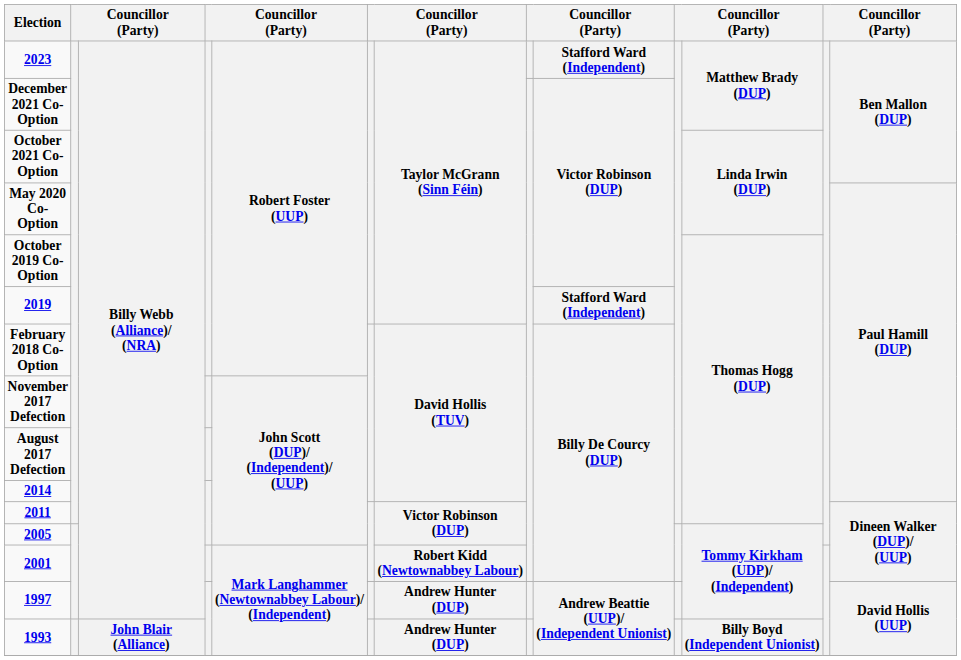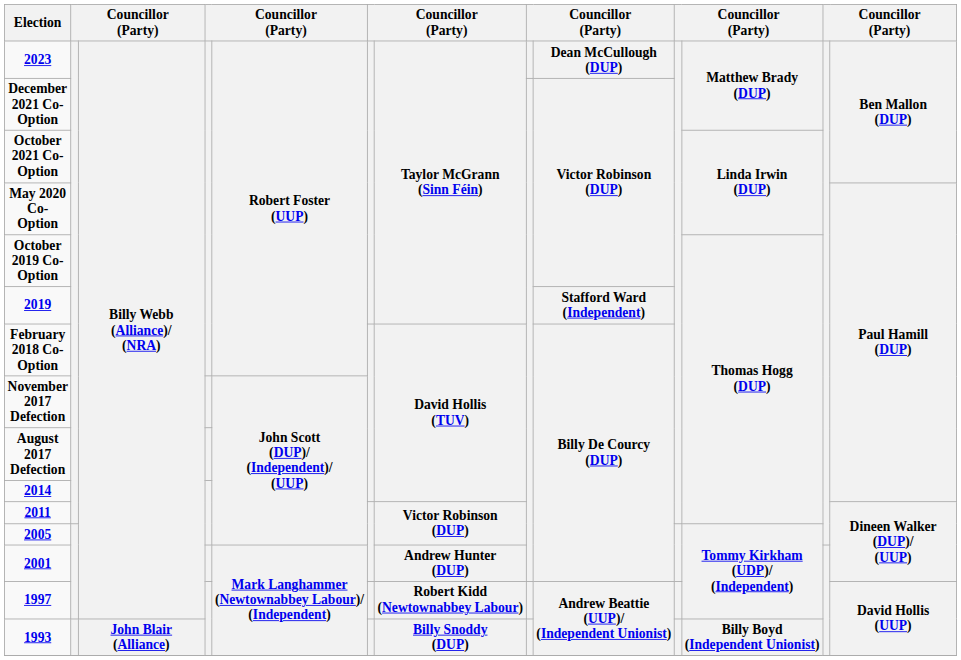 <table class="wikitable" style="text-align:center">
 <tr>
 <th scope="col" width="50">Election</th>
 <th scope="col" width="150" colspan = "2">Councillor<br> (Party)</th>
 <th scope="col" width="150" colspan = "2">Councillor<br> (Party)</th>
 <th scope="col" width="150" colspan = "2">Councillor<br> (Party)</th>
 <th scope="col" width="150" colspan = "2">Councillor<br> (Party)</th>
 <th scope="col" width="150" colspan = "2">Councillor<br> (Party)</th>
 <th scope="col" width="150" colspan = "2">Councillor<br> (Party)</th>
 </tr>
 <tr>
 <td><strong><a href='#'>2023</a></strong></td>
 <th rowspan="11" width="1" style="background-color: "></th>
 <th rowspan = "14">Billy Webb <br> (<a href='#'>Alliance</a>)/ <br> (<a href='#'>NRA</a>)</th>
 <th rowspan="7" width="1" style="background-color: "></th>
 <th rowspan = "7">Robert Foster <br> (<a href='#'>UUP</a>)</th>
 <th rowspan="6" width="1" style="background-color: "></th>
 <th rowspan = "6">Taylor McGrann <br> (<a href='#'>Sinn Féin</a>)</th>
 <th rowspan="1" width="1" style="background-color: "></th>
-<th rowspan = "1">Stafford Ward <br> (<a href='#'>Independent</a>)</th>
+<th rowspan = "1">Dean McCullough <br> (<a href='#'>DUP</a>)</th>
 <th rowspan="11" width="1" style="background-color: "></th>
 <th rowspan = "2">Matthew Brady <br> (<a href='#'>DUP</a>)</th>
 <th rowspan="12" width="1" style="background-color: "></th>
 <th rowspan = "3">Ben Mallon <br> (<a href='#'>DUP</a>)</th>
 </tr>
 <tr>
 <td><strong>December 2021 Co-Option</strong></td>
 <th rowspan="12" width="1" style="background-color: "></th>
 <th rowspan = "4">Victor Robinson <br> (<a href='#'>DUP</a>)</th>
 </tr>
 <tr>
 <td><strong>October 2021 Co-Option</strong></td>
 <th rowspan = "2">Linda Irwin <br> (<a href='#'>DUP</a>)</th>
 </tr>
 <tr>
 <td><strong>May 2020 Co-Option</strong></td>
 <th rowspan = "7">Paul Hamill <br> (<a href='#'>DUP</a>)</th>
 </tr>
 <tr>
 <td><strong>October 2019 Co-Option</strong></td>
 <th rowspan = "7">Thomas Hogg <br> (<a href='#'>DUP</a>)</th>
 </tr>
 <tr>
 <td><strong><a href='#'>2019</a></strong></td>
 <th rowspan = "1">Stafford Ward <br> (<a href='#'>Independent</a>)</th>
 </tr>
 <tr>
 <td><strong>February 2018 Co-Option</strong></td>
 <th rowspan="4" width="1" style="background-color: "></th>
 <th rowspan = "4">David Hollis <br> (<a href='#'>TUV</a>)</th>
 <th rowspan = "7">Billy De Courcy <br> (<a href='#'>DUP</a>)</th>
 </tr>
 <tr>
 <td><strong>November 2017 Defection</strong></td>
 <th rowspan="1" width="1" style="background-color: "></th>
 <th rowspan = "5">John Scott <br> (<a href='#'>DUP</a>)/ <br> (<a href='#'>Independent</a>)/ <br> (<a href='#'>UUP</a>)</th>
 </tr>
 <tr>
 <td><strong>August 2017 Defection</strong></td>
 <th rowspan="1" width="1" style="background-color: "></th>
 </tr>
 <tr>
 <td><strong><a href='#'>2014</a></strong></td>
 <th rowspan="3" width="1" style="background-color: "></th>
 </tr>
 <tr>
 <td><strong><a href='#'>2011</a></strong></td>
 <th rowspan="3" width="1" style="background-color: "></th>
 <th rowspan = "2">Victor Robinson <br> (<a href='#'>DUP</a>)</th>
 <th rowspan = "3">Dineen Walker <br> (<a href='#'>DUP</a>)/ <br> (<a href='#'>UUP</a>)</th>
 </tr>
 <tr>
 <td><strong><a href='#'>2005</a></strong></td>
 <th rowspan="3" width="1" style="background-color: "></th>
 <th rowspan="2" width="1" style="background-color: "></th>
 <th rowspan = "3"><a href='#'>Tommy Kirkham</a> <br> (<a href='#'>UDP</a>)/ <br> (<a href='#'>Independent</a>)</th>
 </tr>
 <tr>
 <td><strong><a href='#'>2001</a></strong></td>
 <th rowspan="1" width="1" style="background-color: "></th>
 <th rowspan = "3"><a href='#'>Mark Langhammer</a> <br> (<a href='#'>Newtownabbey Labour</a>)/ <br> (<a href='#'>Independent</a>)</th>
-<th rowspan = "1">Robert Kidd <br> (<a href='#'>Newtownabbey Labour</a>)</th>
+<th rowspan = "1">Andrew Hunter <br> (<a href='#'>DUP</a>)</th>
 <th rowspan="3" width="1" style="background-color: "></th>
 </tr>
 <tr>
 <td><strong><a href='#'>1997</a></strong></td>
 <th rowspan="2" width="1" style="background-color: "></th>
 <th rowspan="1" width="1" style="background-color: "></th>
-<th rowspan = "1">Andrew Hunter <br> (<a href='#'>DUP</a>)</th>
+<th rowspan = "1">Robert Kidd <br> (<a href='#'>Newtownabbey Labour</a>)</th>
 <th rowspan="1" width="1" style="background-color: "></th>
 <th rowspan = "2">Andrew Beattie <br> (<a href='#'>UUP</a>)/ <br> (<a href='#'>Independent Unionist</a>)</th>
 <th rowspan="1" width="1" style="background-color: "></th>
 <th rowspan = "2">David Hollis <br> (<a href='#'>UUP</a>)</th>
 </tr>
 <tr>
 <td><strong><a href='#'>1993</a></strong></td>
 <th rowspan="1" width="1" style="background-color: "></th>
 <th rowspan = "1"><a href='#'>John Blair</a> <br> (<a href='#'>Alliance</a>)</th>
 <th rowspan="1" width="1" style="background-color: "></th>
-<th rowspan = "1">Andrew Hunter <br> (<a href='#'>DUP</a>)</th>
+<th rowspan = "1"><a href='#'>Billy Snoddy</a> <br> (<a href='#'>DUP</a>)</th>
 <th rowspan="1" width="1" style="background-color: "></th>
 <th rowspan="1" width="1" style="background-color: "></th>
 <th rowspan = "1">Billy Boyd <br> (<a href='#'>Independent Unionist</a>)</th>
 </tr>
 <tr>
 </tr>
 </table>
